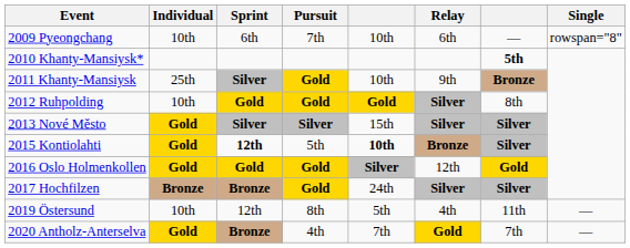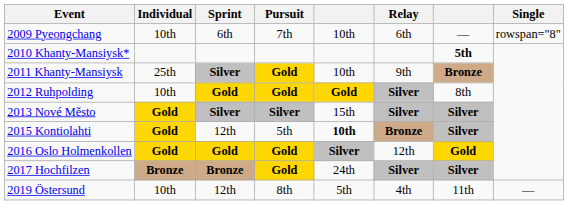 <table class="wikitable" style="text-align: center;">
 <tr>
 <th>Event</th>
 <th style="width:70px;">Individual</th>
 <th style="width:70px;">Sprint</th>
 <th style="width:70px;">Pursuit</th>
 <th style="width:70px;"></th>
 <th style="width:70px;">Relay</th>
 <th style="width:70px;"></th>
 <th style="width:70px;">Single </th>
 </tr>
 <tr>
 <td align=left> <a href='#'>2009 Pyeongchang</a></td>
 <td>10th</td>
 <td>6th</td>
 <td>7th</td>
 <td>10th</td>
 <td>6th</td>
 <td>—</td>
 <td>rowspan="8" </td>
 </tr>
 <tr>
 <td align=left> <a href='#'>2010 Khanty-Mansiysk*</a></td>
 <td></td>
 <td></td>
 <td></td>
 <td></td>
 <td></td>
 <td><strong>5th</strong></td>
 </tr>
 <tr>
 <td align=left> <a href='#'>2011 Khanty-Mansiysk</a></td>
 <td>25th</td>
 <td style="background:silver;"><strong>Silver</strong></td>
 <td style="background:gold;"><strong>Gold</strong></td>
 <td>10th</td>
 <td>9th</td>
 <td style="background:#cfaa88;"><strong>Bronze</strong></td>
 </tr>
 <tr>
 <td align=left> <a href='#'>2012 Ruhpolding</a></td>
 <td>10th</td>
 <td style="background:gold;"><strong>Gold</strong></td>
 <td style="background:gold;"><strong>Gold</strong></td>
 <td style="background:gold;"><strong>Gold</strong></td>
 <td style="background:silver;"><strong>Silver</strong></td>
 <td>8th</td>
 </tr>
 <tr>
 <td align=left> <a href='#'>2013 Nové Město</a></td>
 <td style="background:gold;"><strong>Gold</strong></td>
 <td style="background:silver;"><strong>Silver</strong></td>
 <td style="background:silver;"><strong>Silver</strong></td>
 <td>15th</td>
 <td style="background:silver;"><strong>Silver</strong></td>
 <td style="background:silver;"><strong>Silver</strong></td>
 </tr>
 <tr>
 <td align=left> <a href='#'>2015 Kontiolahti</a></td>
 <td style="background:gold;"><strong>Gold</strong></td>
-<td><strong>12th</strong></td>
+<td>12th</td>
 <td>5th</td>
 <td><strong>10th</strong></td>
 <td style="background:#cfaa88;"><strong>Bronze</strong></td>
 <td style="background:silver;"><strong>Silver</strong></td>
 </tr>
 <tr>
 <td align=left> <a href='#'>2016 Oslo Holmenkollen</a></td>
 <td style="background:gold;"><strong>Gold</strong></td>
 <td style="background:gold;"><strong>Gold</strong></td>
 <td style="background:gold;"><strong>Gold</strong></td>
 <td style="background:silver;"><strong>Silver</strong></td>
 <td>12th</td>
 <td style="background:gold;"><strong>Gold</strong></td>
 </tr>
 <tr>
 <td align=left> <a href='#'>2017 Hochfilzen</a></td>
 <td style="background:#cfaa88;"><strong>Bronze</strong></td>
 <td style="background:#cfaa88;"><strong>Bronze</strong></td>
 <td style="background:gold;"><strong>Gold</strong></td>
 <td>24th</td>
 <td style="background:silver;"><strong>Silver</strong></td>
 <td style="background:silver;"><strong>Silver</strong></td>
 </tr>
 <tr>
 <td align=left> <a href='#'>2019 Östersund</a></td>
 <td>10th</td>
 <td>12th</td>
 <td>8th</td>
 <td>5th</td>
 <td>4th</td>
 <td>11th</td>
 <td>—</td>
 </tr>
-<tr>
-<td align=left> <a href='#'>2020 Antholz-Anterselva</a></td>
-<td style="background:gold;"><strong>Gold</strong></td>
-<td style="background:#cfaa88;"><strong>Bronze</strong></td>
-<td>4th</td>
-<td>7th</td>
-<td style="background:gold;"><strong>Gold</strong></td>
-<td>7th</td>
-<td>—</td>
-</tr>
 </table>
